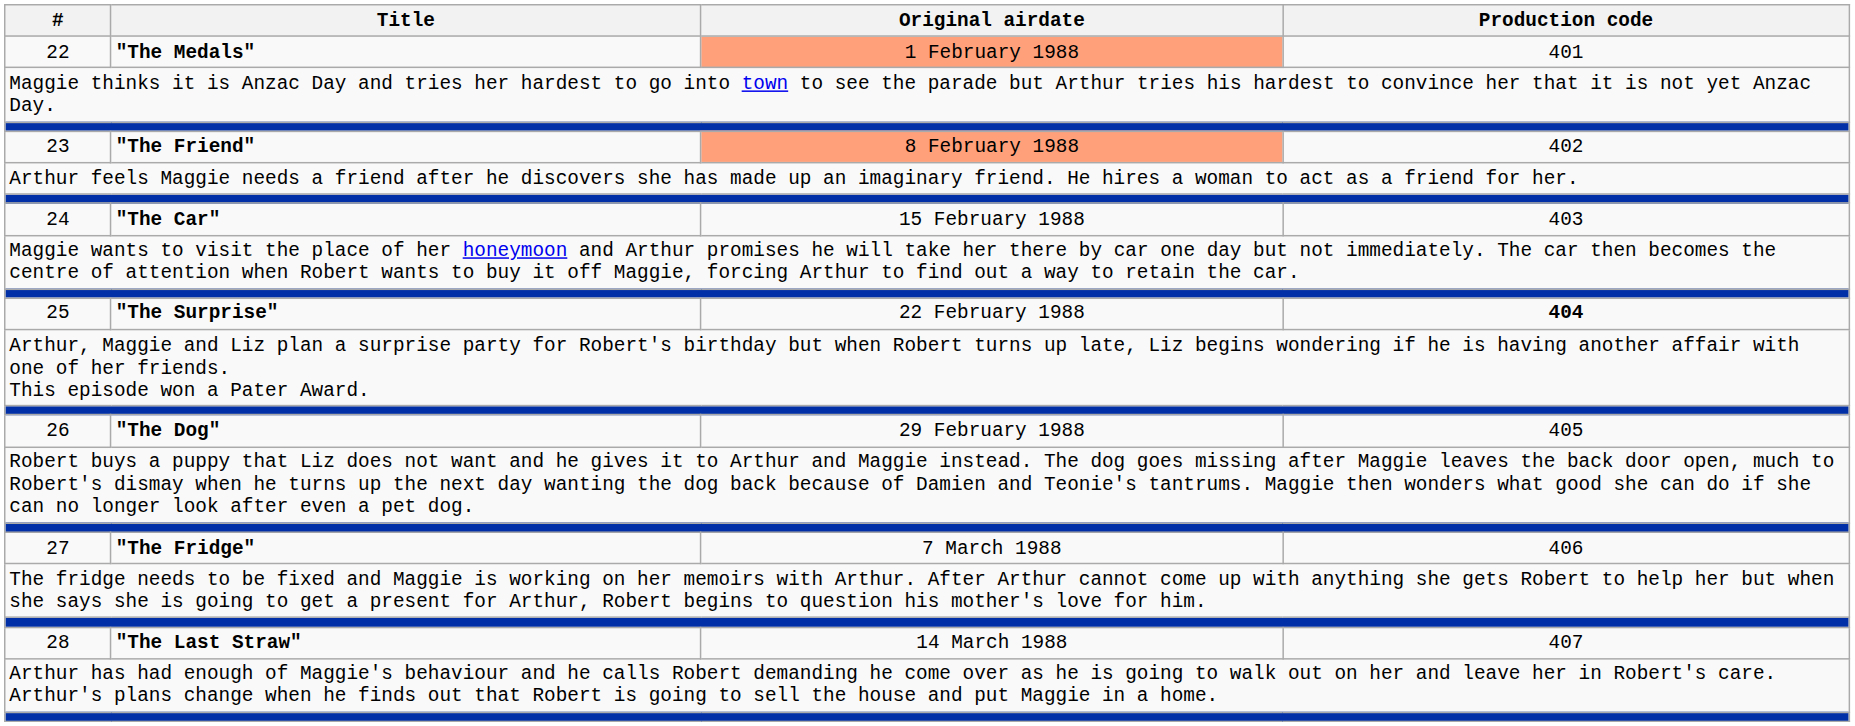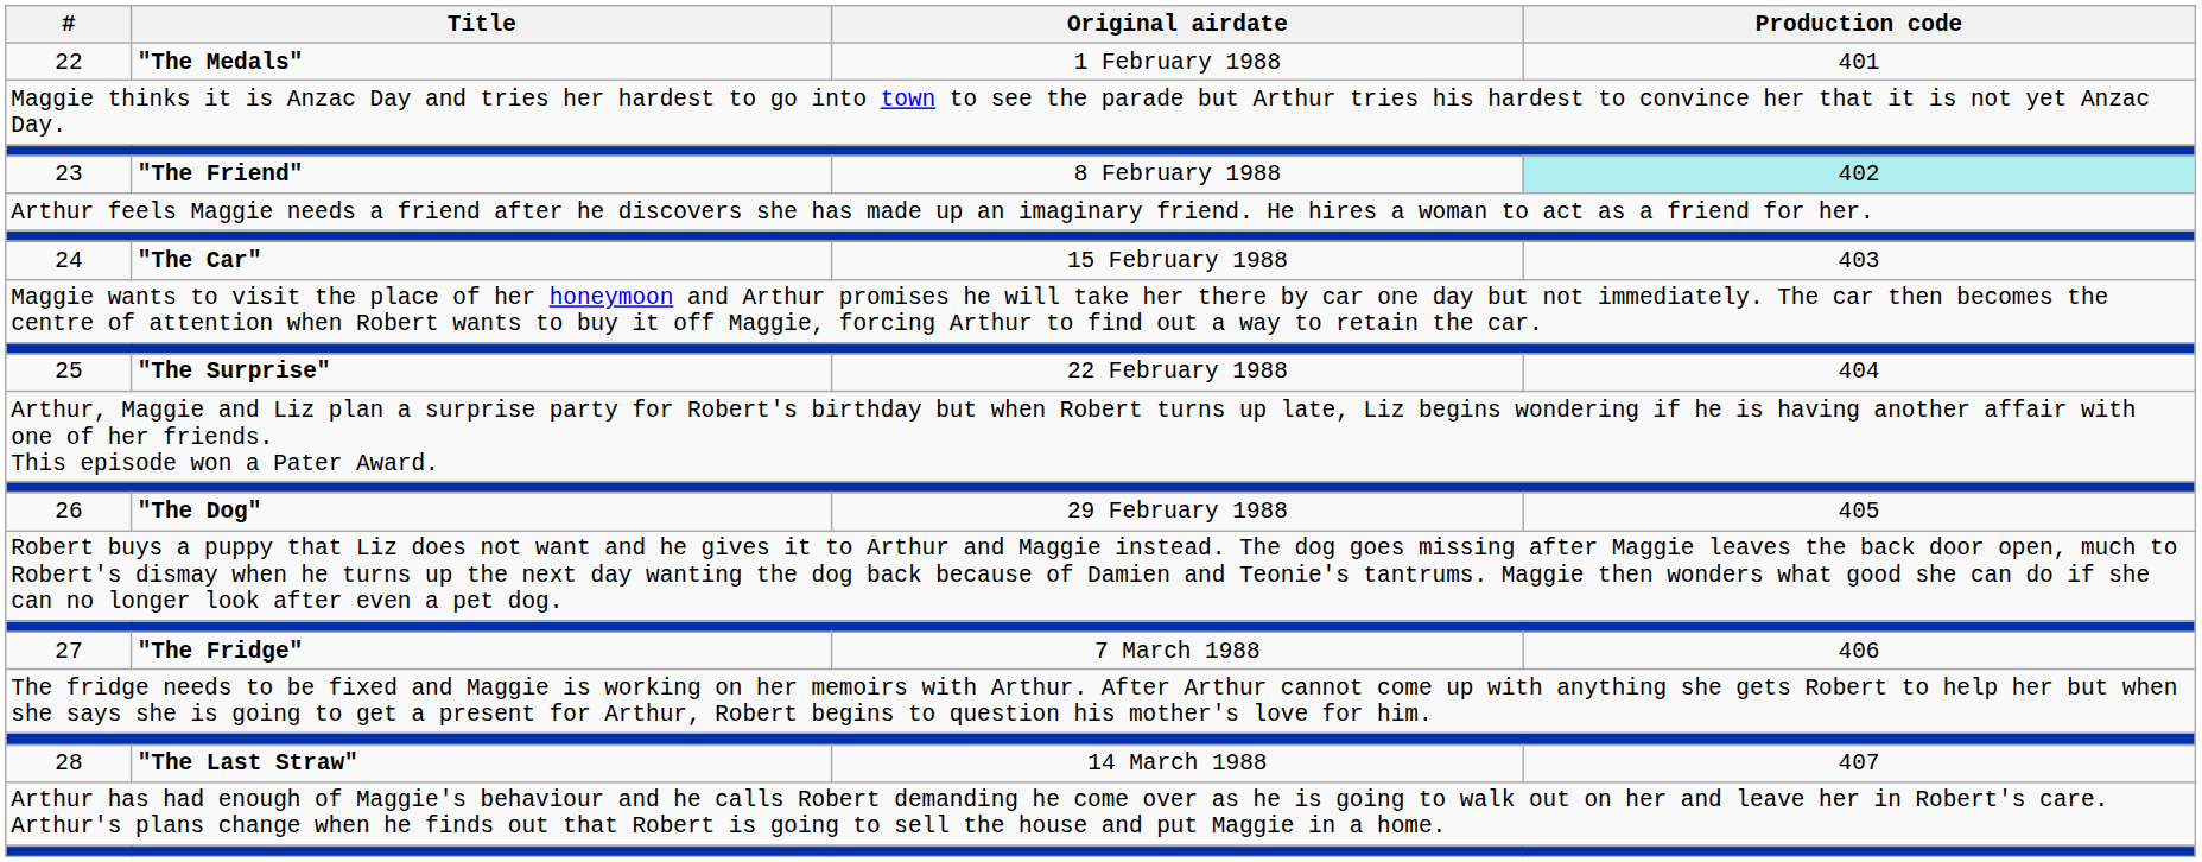 <table class="wikitable" width="98%">
 <tr>
 <th>#</th>
 <th>Title</th>
 <th>Original airdate</th>
 <th>Production code</th>
 </tr>
 <tr>
 <td align="center">22</td>
 <td><strong>"The Medals"</strong></td>
-<td align="center" style="background: lightsalmon;">1 February 1988</td>
+<td align="center">1 February 1988</td>
 <td align="center">401</td>
 </tr>
 <tr>
 <td colspan="4">Maggie thinks it is Anzac Day and tries her hardest to go into <a href='#'>town</a> to see the parade but Arthur tries his hardest to convince her that it is not yet Anzac Day.</td>
 </tr>
 <tr>
 <td colspan="4" bgcolor="#002FA7"></td>
 </tr>
 <tr>
 <td align="center">23</td>
 <td><strong>"The Friend"</strong></td>
-<td align="center" style="background: lightsalmon;">8 February 1988</td>
-<td align="center">402</td>
+<td align="center">8 February 1988</td>
+<td align="center" style="background: paleturquoise;">402</td>
 </tr>
 <tr>
 <td colspan="4">Arthur feels Maggie needs a friend after he discovers she has made up an imaginary friend.  He hires a woman to act as a friend for her.</td>
 </tr>
 <tr>
 <td colspan="4" bgcolor="#002FA7"></td>
 </tr>
 <tr>
 <td align="center">24</td>
 <td><strong>"The Car"</strong></td>
 <td align="center">15 February 1988</td>
 <td align="center">403</td>
 </tr>
 <tr>
 <td colspan="4">Maggie wants to visit the place of her <a href='#'>honeymoon</a> and Arthur promises he will take her there by car one day but not immediately.  The car then becomes the centre of attention when Robert wants to buy it off Maggie, forcing Arthur to find out a way to retain the car.</td>
 </tr>
 <tr>
 <td colspan="4" bgcolor="#002FA7"></td>
 </tr>
 <tr>
 <td align="center">25</td>
 <td><strong>"The Surprise"</strong></td>
 <td align="center">22 February 1988</td>
-<td align="center"><strong>404</strong></td>
+<td align="center">404</td>
 </tr>
 <tr>
 <td colspan="4">Arthur, Maggie and Liz plan a surprise party for Robert's birthday but when Robert turns up late, Liz begins wondering if he is having another affair with one of her friends.<br>This episode won a Pater Award.</td>
 </tr>
 <tr>
 <td colspan="4" bgcolor="#002FA7"></td>
 </tr>
 <tr>
 <td align="center">26</td>
 <td><strong>"The Dog"</strong></td>
 <td align="center">29 February 1988</td>
 <td align="center">405</td>
 </tr>
 <tr>
 <td colspan="4">Robert buys a puppy that Liz does not want and he gives it to Arthur and Maggie instead.  The dog goes missing after Maggie leaves the back door open, much to Robert's dismay when he turns up the next day wanting the dog back because of Damien and Teonie's tantrums.  Maggie then wonders what good she can do if she can no longer look after even a pet dog.</td>
 </tr>
 <tr>
 <td colspan="4" bgcolor="#002FA7"></td>
 </tr>
 <tr>
 <td align="center">27</td>
 <td><strong>"The Fridge"</strong></td>
 <td align="center">7 March 1988</td>
 <td align="center">406</td>
 </tr>
 <tr>
 <td colspan="4">The fridge needs to be fixed and Maggie is working on her memoirs with Arthur. After Arthur cannot come up with anything she gets Robert to help her but when she says she is going to get a present for Arthur, Robert begins to question his mother's love for him.</td>
 </tr>
 <tr>
 <td colspan="4" bgcolor="#002FA7"></td>
 </tr>
 <tr>
 <td align="center">28</td>
 <td><strong>"The Last Straw"</strong></td>
 <td align="center">14 March 1988</td>
 <td align="center">407</td>
 </tr>
 <tr>
 <td colspan="4">Arthur has had enough of Maggie's behaviour and he calls Robert demanding he come over as he is going to walk out on her and leave her in Robert's care.  Arthur's plans change when he finds out that Robert is going to sell the house and put Maggie in a home.</td>
 </tr>
 <tr>
 <td colspan="4" bgcolor="#002FA7"></td>
 </tr>
 </table>
